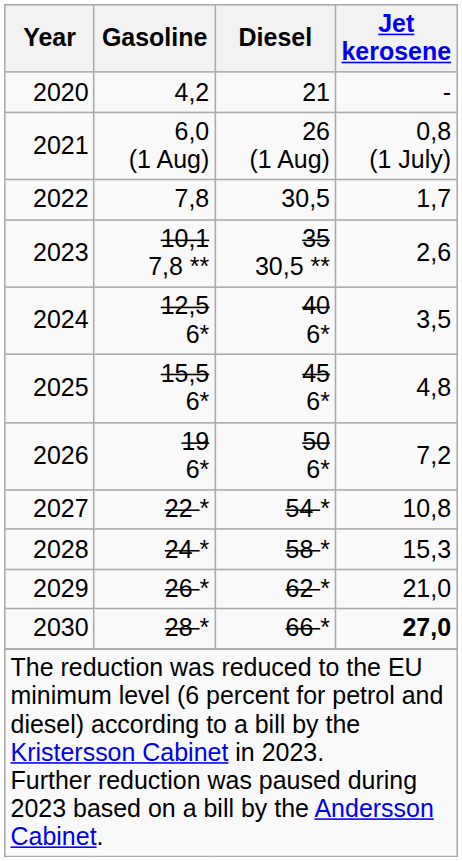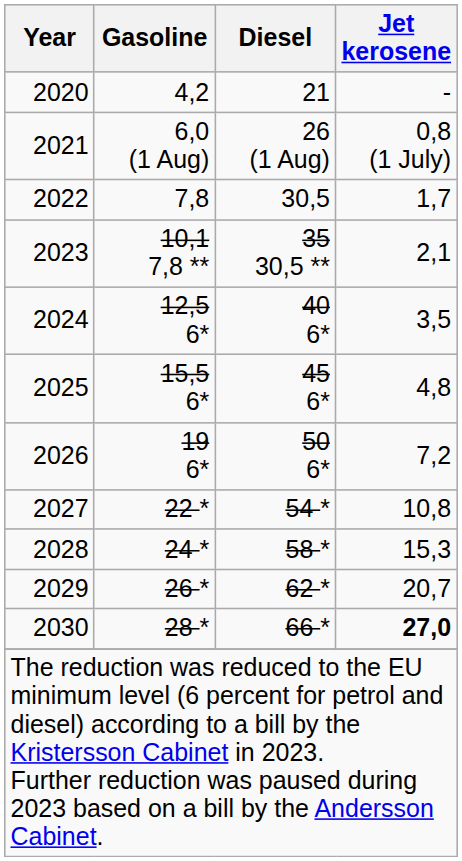 <table class="wikitable floatright" style=text-align:right;>
 <tr>
 <th width=50px>Year</th>
 <th width=70px>Gasoline</th>
 <th width=70px>Diesel</th>
 <th width=70px><a href='#'>Jet kerosene</a></th>
 </tr>
 <tr>
 <td>2020</td>
 <td>4,2</td>
 <td>21</td>
 <td>-</td>
 </tr>
 <tr>
 <td>2021</td>
 <td>6,0  <br>(1 Aug)</td>
 <td>26  <br>(1 Aug)</td>
 <td>0,8  <br>(1 July)</td>
 </tr>
 <tr>
 <td>2022</td>
 <td>7,8</td>
 <td>30,5</td>
 <td>1,7</td>
 </tr>
 <tr>
 <td>2023</td>
 <td><s>10,1 </s><br>7,8 **</td>
 <td><s>35 </s><br>30,5 **</td>
-<td>2,6</td>
+<td>2,1</td>
 </tr>
 <tr>
 <td>2024</td>
 <td><s>12,5 </s><br>6*</td>
 <td><s>40 </s><br>6*</td>
 <td>3,5</td>
 </tr>
 <tr>
 <td>2025</td>
 <td><s>15,5 </s><br>6*</td>
 <td><s>45 </s><br>6*</td>
 <td>4,8</td>
 </tr>
 <tr>
 <td>2026</td>
 <td><s>19 </s><br>6*</td>
 <td><s>50 </s><br>6*</td>
 <td>7,2</td>
 </tr>
 <tr>
 <td>2027</td>
 <td><s>22 </s>*</td>
 <td><s>54 </s>*</td>
 <td>10,8</td>
 </tr>
 <tr>
 <td>2028</td>
 <td><s>24 </s>*</td>
 <td><s>58 </s>*</td>
 <td>15,3</td>
 </tr>
 <tr>
 <td>2029</td>
 <td><s>26 </s>*</td>
 <td><s>62 </s>*</td>
-<td>21,0</td>
+<td>20,7</td>
 </tr>
 <tr>
 <td>2030</td>
 <td><s>28 </s>*</td>
 <td><s>66 </s>*</td>
 <td><strong>27,0</strong></td>
 </tr>
 <tr>
 </tr>
 <tr>
 <td colspan=4 align="bottom" style="caption-side: bottom; text-align:left;"> The reduction was reduced to the EU minimum level (6 percent for petrol and diesel) according to a bill by the <a href='#'>Kristersson Cabinet</a> in 2023.<br>Further reduction was paused during 2023 based on a bill by the <a href='#'>Andersson Cabinet</a>.</td>
 </tr>
 </table>
